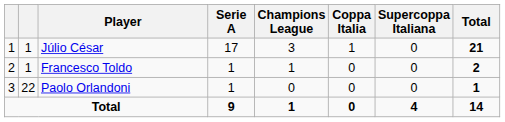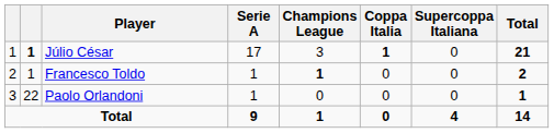 <table class="wikitable sortable" style="font-size: 95%; text-align: center;">
 <tr>
 <th width=10></th>
 <th width=10></th>
 <th width=200>Player</th>
 <th width=50>Serie A</th>
 <th width=50>Champions League</th>
 <th width=50>Coppa Italia</th>
 <th width=50>Supercoppa Italiana</th>
 <th width=50>Total</th>
 </tr>
 <tr>
 <td>1</td>
-<td>1</td>
+<td><strong>1</strong></td>
 <td align="left"> <a href='#'>Júlio César</a></td>
 <td>17</td>
 <td>3</td>
-<td>1</td>
+<td><strong>1</strong></td>
 <td>0</td>
 <td><strong>21</strong></td>
 </tr>
 <tr>
 <td>2</td>
 <td>1</td>
 <td align=left> <a href='#'>Francesco Toldo</a></td>
 <td>1</td>
-<td>1</td>
+<td><strong>1</strong></td>
 <td>0</td>
 <td>0</td>
 <td><strong>2</strong></td>
 </tr>
 <tr>
 <td>3</td>
 <td>22</td>
 <td align=left> <a href='#'>Paolo Orlandoni</a></td>
 <td>1</td>
 <td>0</td>
 <td>0</td>
 <td>0</td>
 <td><strong>1</strong></td>
 </tr>
 <tr>
 <td colspan="3"><strong>Total</strong></td>
 <td><strong>9</strong></td>
 <td><strong>1</strong></td>
 <td><strong>0</strong></td>
 <td><strong>4</strong></td>
 <td><strong>14</strong></td>
 </tr>
 </table>
